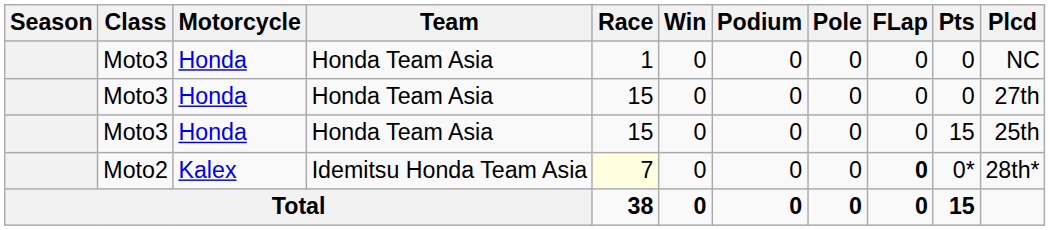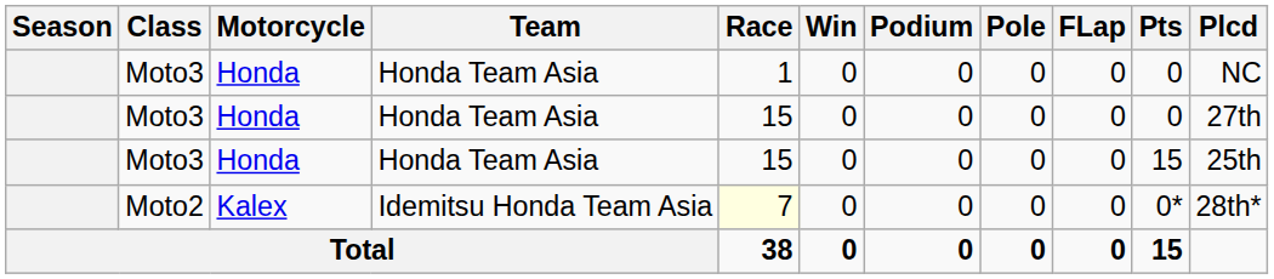 <table class="wikitable" style="text-align:right;">
 <tr>
 <th>Season</th>
 <th>Class</th>
 <th>Motorcycle</th>
 <th>Team</th>
 <th>Race</th>
 <th>Win</th>
 <th>Podium</th>
 <th>Pole</th>
 <th>FLap</th>
 <th>Pts</th>
 <th>Plcd</th>
 </tr>
 <tr>
 <th></th>
 <td>Moto3</td>
 <td style="text-align:left;"><a href='#'>Honda</a></td>
 <td style="text-align:left;">Honda Team Asia</td>
 <td>1</td>
 <td>0</td>
 <td>0</td>
 <td>0</td>
 <td>0</td>
 <td>0</td>
 <td>NC</td>
 </tr>
 <tr>
 <th></th>
 <td>Moto3</td>
 <td style="text-align:left;"><a href='#'>Honda</a></td>
 <td style="text-align:left;">Honda Team Asia</td>
 <td>15</td>
 <td>0</td>
 <td>0</td>
 <td>0</td>
 <td>0</td>
 <td>0</td>
 <td>27th</td>
 </tr>
 <tr>
 <th></th>
 <td>Moto3</td>
 <td style="text-align:left;"><a href='#'>Honda</a></td>
 <td style="text-align:left;">Honda Team Asia</td>
 <td>15</td>
 <td>0</td>
 <td>0</td>
 <td>0</td>
 <td>0</td>
 <td>15</td>
 <td>25th</td>
 </tr>
 <tr>
 <th></th>
 <td>Moto2</td>
 <td style="text-align:left;"><a href='#'>Kalex</a></td>
 <td style="text-align:left;">Idemitsu Honda Team Asia</td>
 <td style="background: lightyellow;">7</td>
 <td>0</td>
 <td>0</td>
 <td>0</td>
-<td><strong>0</strong></td>
+<td>0</td>
 <td>0*</td>
 <td>28th*</td>
 </tr>
 <tr>
 <th colspan="4">Total</th>
 <td><strong>38</strong></td>
 <td><strong>0</strong></td>
 <td><strong>0</strong></td>
 <td><strong>0</strong></td>
 <td><strong>0</strong></td>
 <td><strong>15</strong></td>
 <td></td>
 </tr>
 </table>
